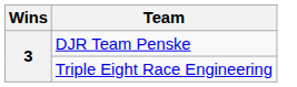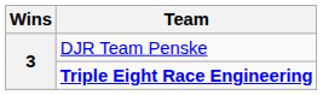 <table class="wikitable" style="font-size: 95%;">
 <tr>
 <th>Wins</th>
 <th>Team</th>
 </tr>
 <tr>
 <th rowspan="2">3</th>
 <td><a href='#'>DJR Team Penske</a></td>
 </tr>
 <tr>
-<td><a href='#'>Triple Eight Race Engineering</a></td>
+<td><strong><a href='#'>Triple Eight Race Engineering</a></strong></td>
 </tr>
 </table>
